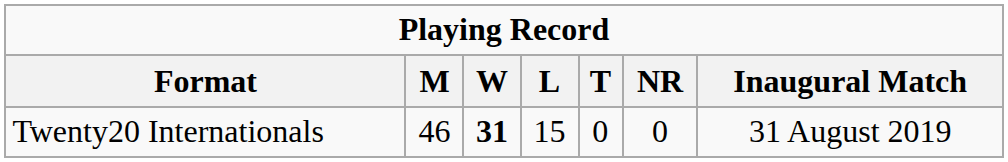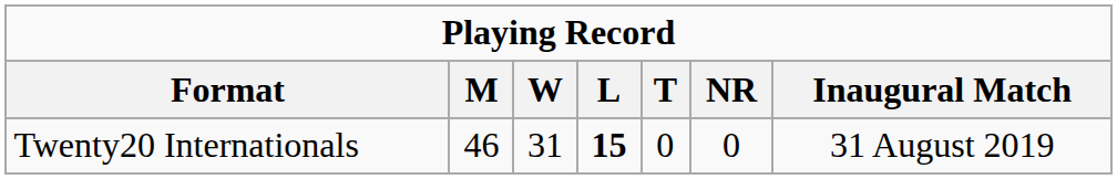 <table class="wikitable" style="text-align: center; width: 500px;">
 <tr>
 <td colspan=7 align="center"><strong>Playing Record</strong></td>
 </tr>
 <tr>
 <th>Format</th>
 <th>M</th>
 <th>W</th>
 <th>L</th>
 <th>T</th>
 <th>NR</th>
 <th>Inaugural Match</th>
 </tr>
 <tr>
 <td align="left">Twenty20 Internationals</td>
 <td>46</td>
-<td><strong>31</strong></td>
-<td>15</td>
+<td>31</td>
+<td><strong>15</strong></td>
 <td>0</td>
 <td>0</td>
 <td>31 August 2019</td>
 </tr>
 </table>
